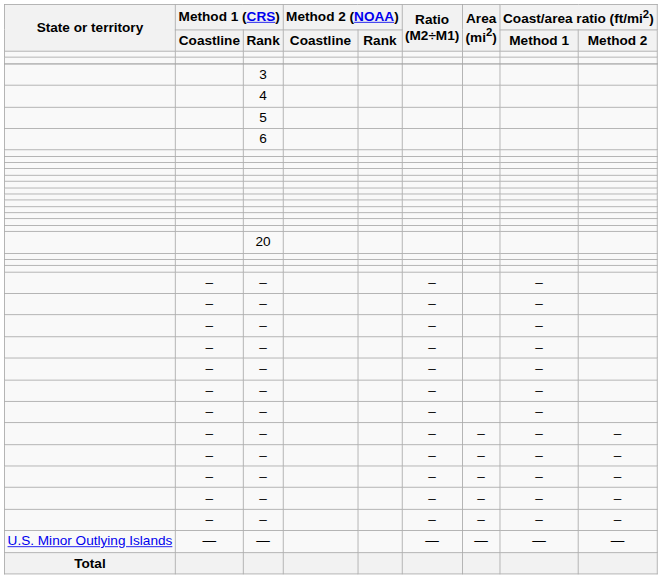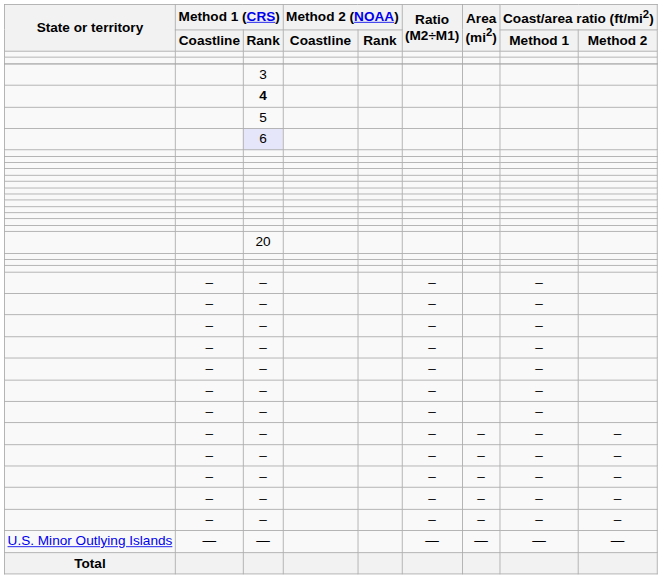 <table class="wikitable sortable">
 <tr>
 <th rowspan=2>State or territory</th>
 <th colspan=2>Method 1 (<a href='#'>CRS</a>)</th>
 <th colspan=2>Method 2 (<a href='#'>NOAA</a>)</th>
 <th rowspan=2>Ratio<br>(M2÷M1)</th>
 <th rowspan=2>Area<br> (mi<sup>2</sup>)</th>
 <th colspan=2>Coast/area ratio (ft/mi<sup>2</sup>)</th>
 </tr>
 <tr>
 <th>Coastline</th>
 <th>Rank</th>
 <th>Coastline</th>
 <th>Rank</th>
 <th>Method 1</th>
 <th>Method 2</th>
 </tr>
 <tr align="center">
 <td align=left></td>
 <td></td>
 <td></td>
 <td></td>
 <td></td>
 <td></td>
 <td></td>
 <td></td>
 <td></td>
 </tr>
 <tr align="center">
 <td align=left></td>
 <td></td>
 <td></td>
 <td></td>
 <td></td>
 <td></td>
 <td></td>
 <td></td>
 <td></td>
 </tr>
 <tr align="center">
 </tr>
 <tr align="center">
 <td align="left"></td>
 <td></td>
 <td>3</td>
 <td></td>
 <td></td>
 <td></td>
 <td></td>
 <td></td>
 <td></td>
 </tr>
 <tr align="center">
 <td align="left"></td>
 <td></td>
-<td>4</td>
+<td><strong>4</strong></td>
 <td></td>
 <td></td>
 <td></td>
 <td></td>
 <td></td>
 <td></td>
 </tr>
 <tr align="center">
 <td align="left"></td>
 <td></td>
 <td>5</td>
 <td></td>
 <td></td>
 <td></td>
 <td></td>
 <td></td>
 <td></td>
 </tr>
 <tr align="center">
 <td align="left"></td>
 <td></td>
-<td>6</td>
+<td style="background: lavender;">6</td>
 <td></td>
 <td></td>
 <td></td>
 <td></td>
 <td></td>
 <td></td>
 </tr>
 <tr align="center">
 <td align=left></td>
 <td></td>
 <td></td>
 <td></td>
 <td></td>
 <td></td>
 <td></td>
 <td></td>
 <td></td>
 </tr>
 <tr align="center">
 <td align=left></td>
 <td></td>
 <td></td>
 <td></td>
 <td></td>
 <td></td>
 <td></td>
 <td></td>
 <td></td>
 </tr>
 <tr align="center">
 <td align=left></td>
 <td></td>
 <td></td>
 <td></td>
 <td></td>
 <td></td>
 <td></td>
 <td></td>
 <td></td>
 </tr>
 <tr align="center">
 <td align=left></td>
 <td></td>
 <td></td>
 <td></td>
 <td></td>
 <td></td>
 <td></td>
 <td></td>
 <td></td>
 </tr>
 <tr align="center">
 <td align=left></td>
 <td></td>
 <td></td>
 <td></td>
 <td></td>
 <td></td>
 <td></td>
 <td></td>
 <td></td>
 </tr>
 <tr align="center">
 <td align=left></td>
 <td></td>
 <td></td>
 <td></td>
 <td></td>
 <td></td>
 <td></td>
 <td></td>
 <td></td>
 </tr>
 <tr align="center">
 <td align=left></td>
 <td></td>
 <td></td>
 <td></td>
 <td></td>
 <td></td>
 <td></td>
 <td></td>
 <td></td>
 </tr>
 <tr align="center">
 <td align=left></td>
 <td></td>
 <td></td>
 <td></td>
 <td></td>
 <td></td>
 <td></td>
 <td></td>
 <td></td>
 </tr>
 <tr align="center">
 <td align=left></td>
 <td></td>
 <td></td>
 <td></td>
 <td></td>
 <td></td>
 <td></td>
 <td></td>
 <td></td>
 </tr>
 <tr align="center">
 <td align=left></td>
 <td></td>
 <td></td>
 <td></td>
 <td></td>
 <td></td>
 <td></td>
 <td></td>
 <td></td>
 </tr>
 <tr align="center">
 <td align=left></td>
 <td></td>
 <td></td>
 <td></td>
 <td></td>
 <td></td>
 <td></td>
 <td></td>
 <td></td>
 </tr>
 <tr align="center">
 <td align=left></td>
 <td></td>
 <td></td>
 <td></td>
 <td></td>
 <td></td>
 <td></td>
 <td></td>
 <td></td>
 </tr>
 <tr align="center">
 <td align=left></td>
 <td></td>
 <td></td>
 <td></td>
 <td></td>
 <td></td>
 <td></td>
 <td></td>
 <td></td>
 </tr>
 <tr align="center">
 <td align=left></td>
 <td></td>
 <td>20</td>
 <td></td>
 <td></td>
 <td></td>
 <td></td>
 <td></td>
 <td></td>
 </tr>
 <tr align="center">
 <td align=left></td>
 <td></td>
 <td></td>
 <td></td>
 <td></td>
 <td></td>
 <td></td>
 <td></td>
 <td></td>
 </tr>
 <tr align="center">
 <td align=left></td>
 <td></td>
 <td></td>
 <td></td>
 <td></td>
 <td></td>
 <td></td>
 <td></td>
 <td></td>
 </tr>
 <tr align="center">
 <td align=left></td>
 <td></td>
 <td></td>
 <td></td>
 <td></td>
 <td></td>
 <td></td>
 <td></td>
 <td></td>
 </tr>
 <tr align="center">
 <td align=left></td>
 <td>–</td>
 <td>–</td>
 <td></td>
 <td></td>
 <td>–</td>
 <td></td>
 <td>–</td>
 <td></td>
 </tr>
 <tr align="center">
 <td align=left></td>
 <td>–</td>
 <td>–</td>
 <td></td>
 <td></td>
 <td>–</td>
 <td></td>
 <td>–</td>
 <td></td>
 </tr>
 <tr align="center">
 <td align=left></td>
 <td>–</td>
 <td>–</td>
 <td></td>
 <td></td>
 <td>–</td>
 <td></td>
 <td>–</td>
 <td></td>
 </tr>
 <tr align="center">
 <td align=left></td>
 <td>–</td>
 <td>–</td>
 <td></td>
 <td></td>
 <td>–</td>
 <td></td>
 <td>–</td>
 <td></td>
 </tr>
 <tr align="center">
 <td align=left></td>
 <td>–</td>
 <td>–</td>
 <td></td>
 <td></td>
 <td>–</td>
 <td></td>
 <td>–</td>
 <td></td>
 </tr>
 <tr align="center">
 <td align=left></td>
 <td>–</td>
 <td>–</td>
 <td></td>
 <td></td>
 <td>–</td>
 <td></td>
 <td>–</td>
 <td></td>
 </tr>
 <tr align="center">
 <td align=left></td>
 <td>–</td>
 <td>–</td>
 <td></td>
 <td></td>
 <td>–</td>
 <td></td>
 <td>–</td>
 <td></td>
 </tr>
 <tr align="center">
 <td align=left></td>
 <td>–</td>
 <td>–</td>
 <td></td>
 <td></td>
 <td>–</td>
 <td>–</td>
 <td>–</td>
 <td>–</td>
 </tr>
 <tr align="center">
 <td align=left></td>
 <td>–</td>
 <td>–</td>
 <td></td>
 <td></td>
 <td>–</td>
 <td>–</td>
 <td>–</td>
 <td>–</td>
 </tr>
 <tr align="center">
 <td align=left></td>
 <td>–</td>
 <td>–</td>
 <td></td>
 <td></td>
 <td>–</td>
 <td>–</td>
 <td>–</td>
 <td>–</td>
 </tr>
 <tr align="center">
 <td align=left></td>
 <td>–</td>
 <td>–</td>
 <td></td>
 <td></td>
 <td>–</td>
 <td>–</td>
 <td>–</td>
 <td>–</td>
 </tr>
 <tr align="center">
 <td align=left></td>
 <td>–</td>
 <td>–</td>
 <td></td>
 <td></td>
 <td>–</td>
 <td>–</td>
 <td>–</td>
 <td>–</td>
 </tr>
 <tr align="center">
 <td align=left> <a href='#'>U.S. Minor Outlying Islands</a></td>
 <td>—</td>
 <td>—</td>
 <td></td>
 <td></td>
 <td>—</td>
 <td>—</td>
 <td>—</td>
 <td>—</td>
 </tr>
 <tr align="center">
 <th>Total</th>
 <th></th>
 <th></th>
 <th></th>
 <th></th>
 <th></th>
 <th></th>
 <th></th>
 <th></th>
 </tr>
 </table>
